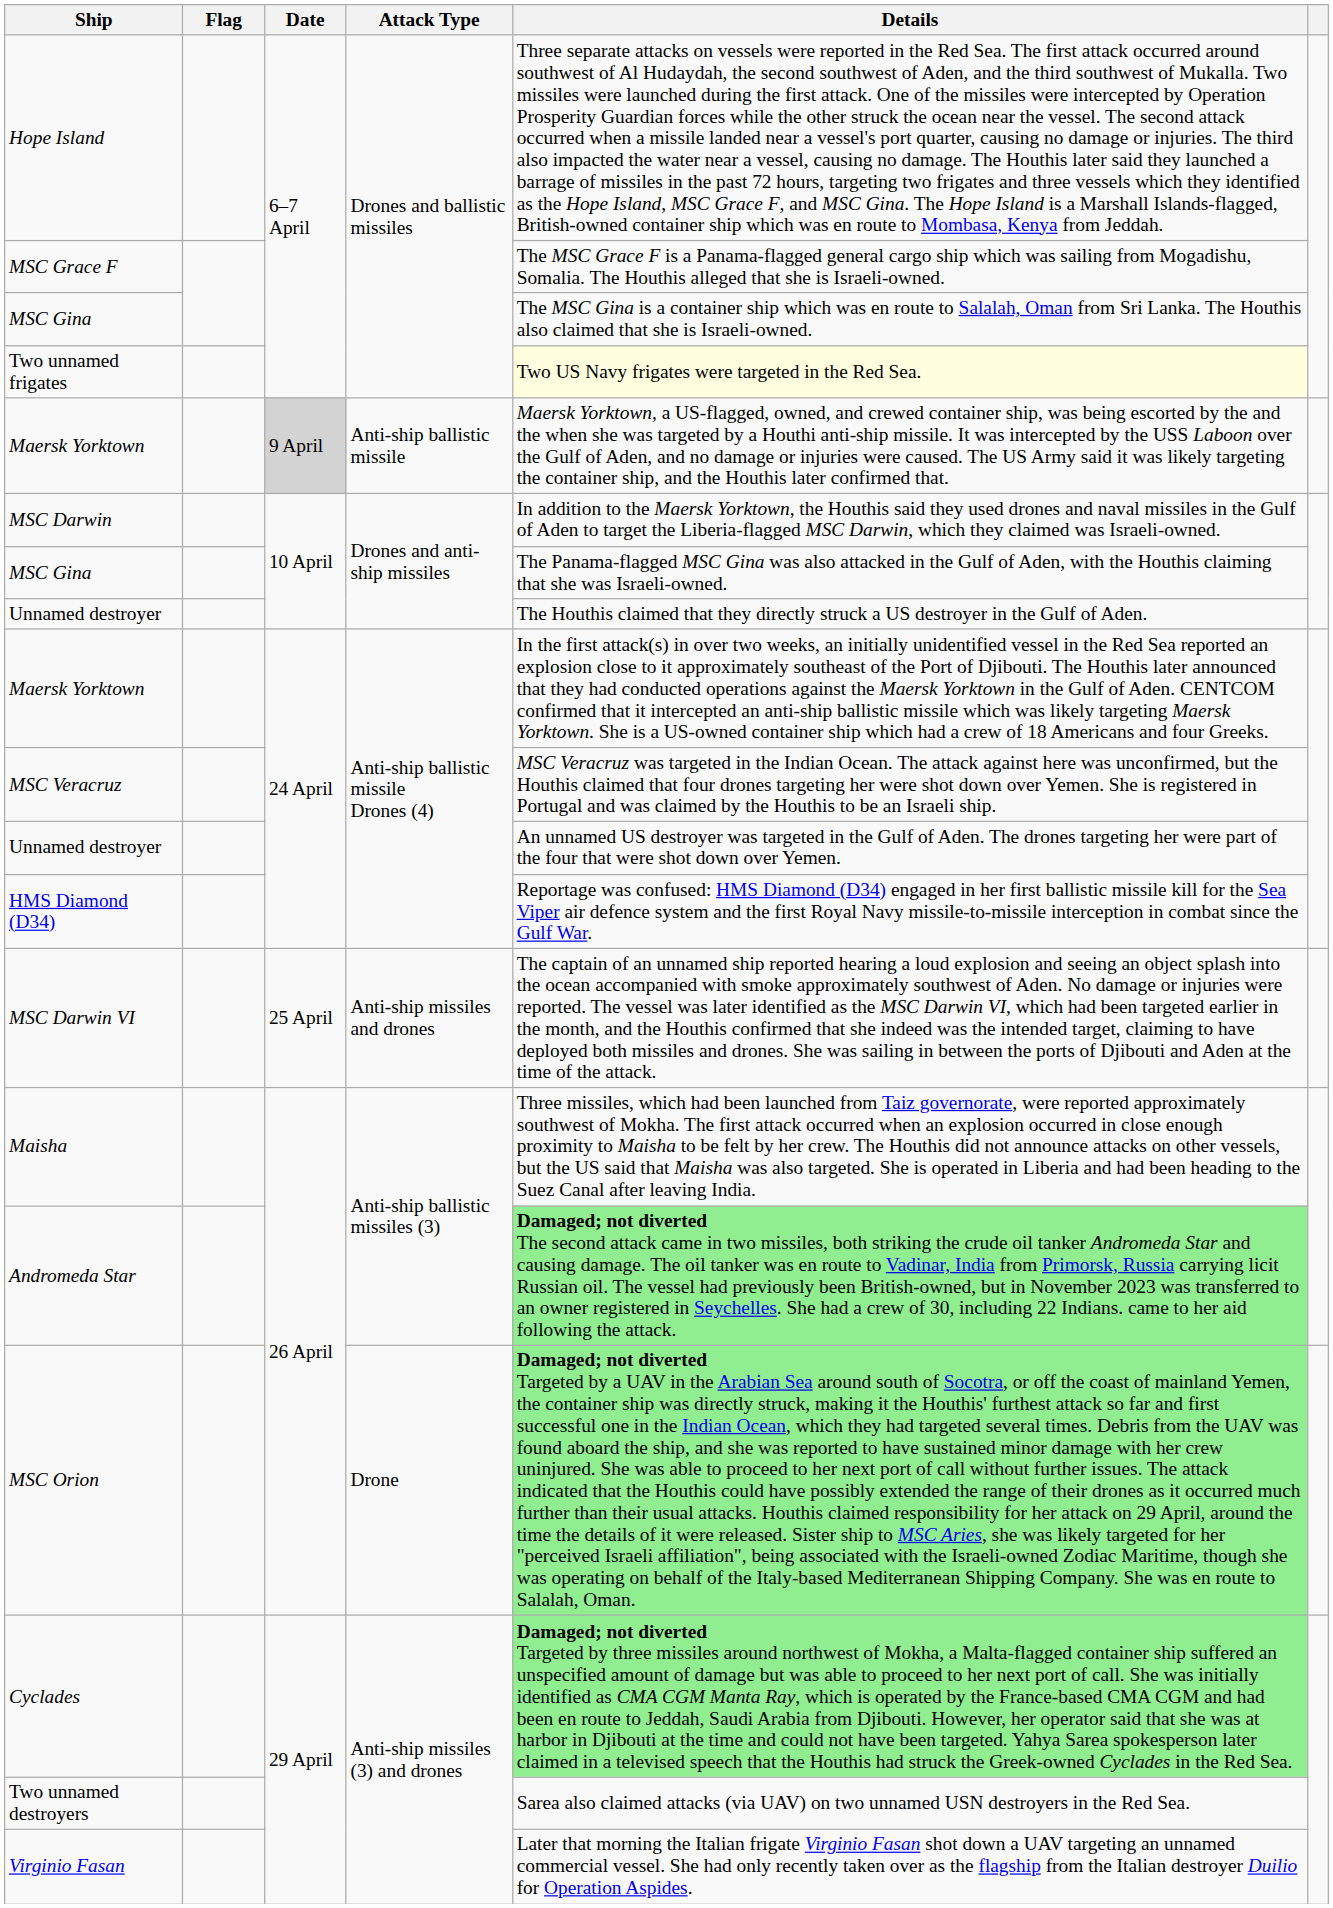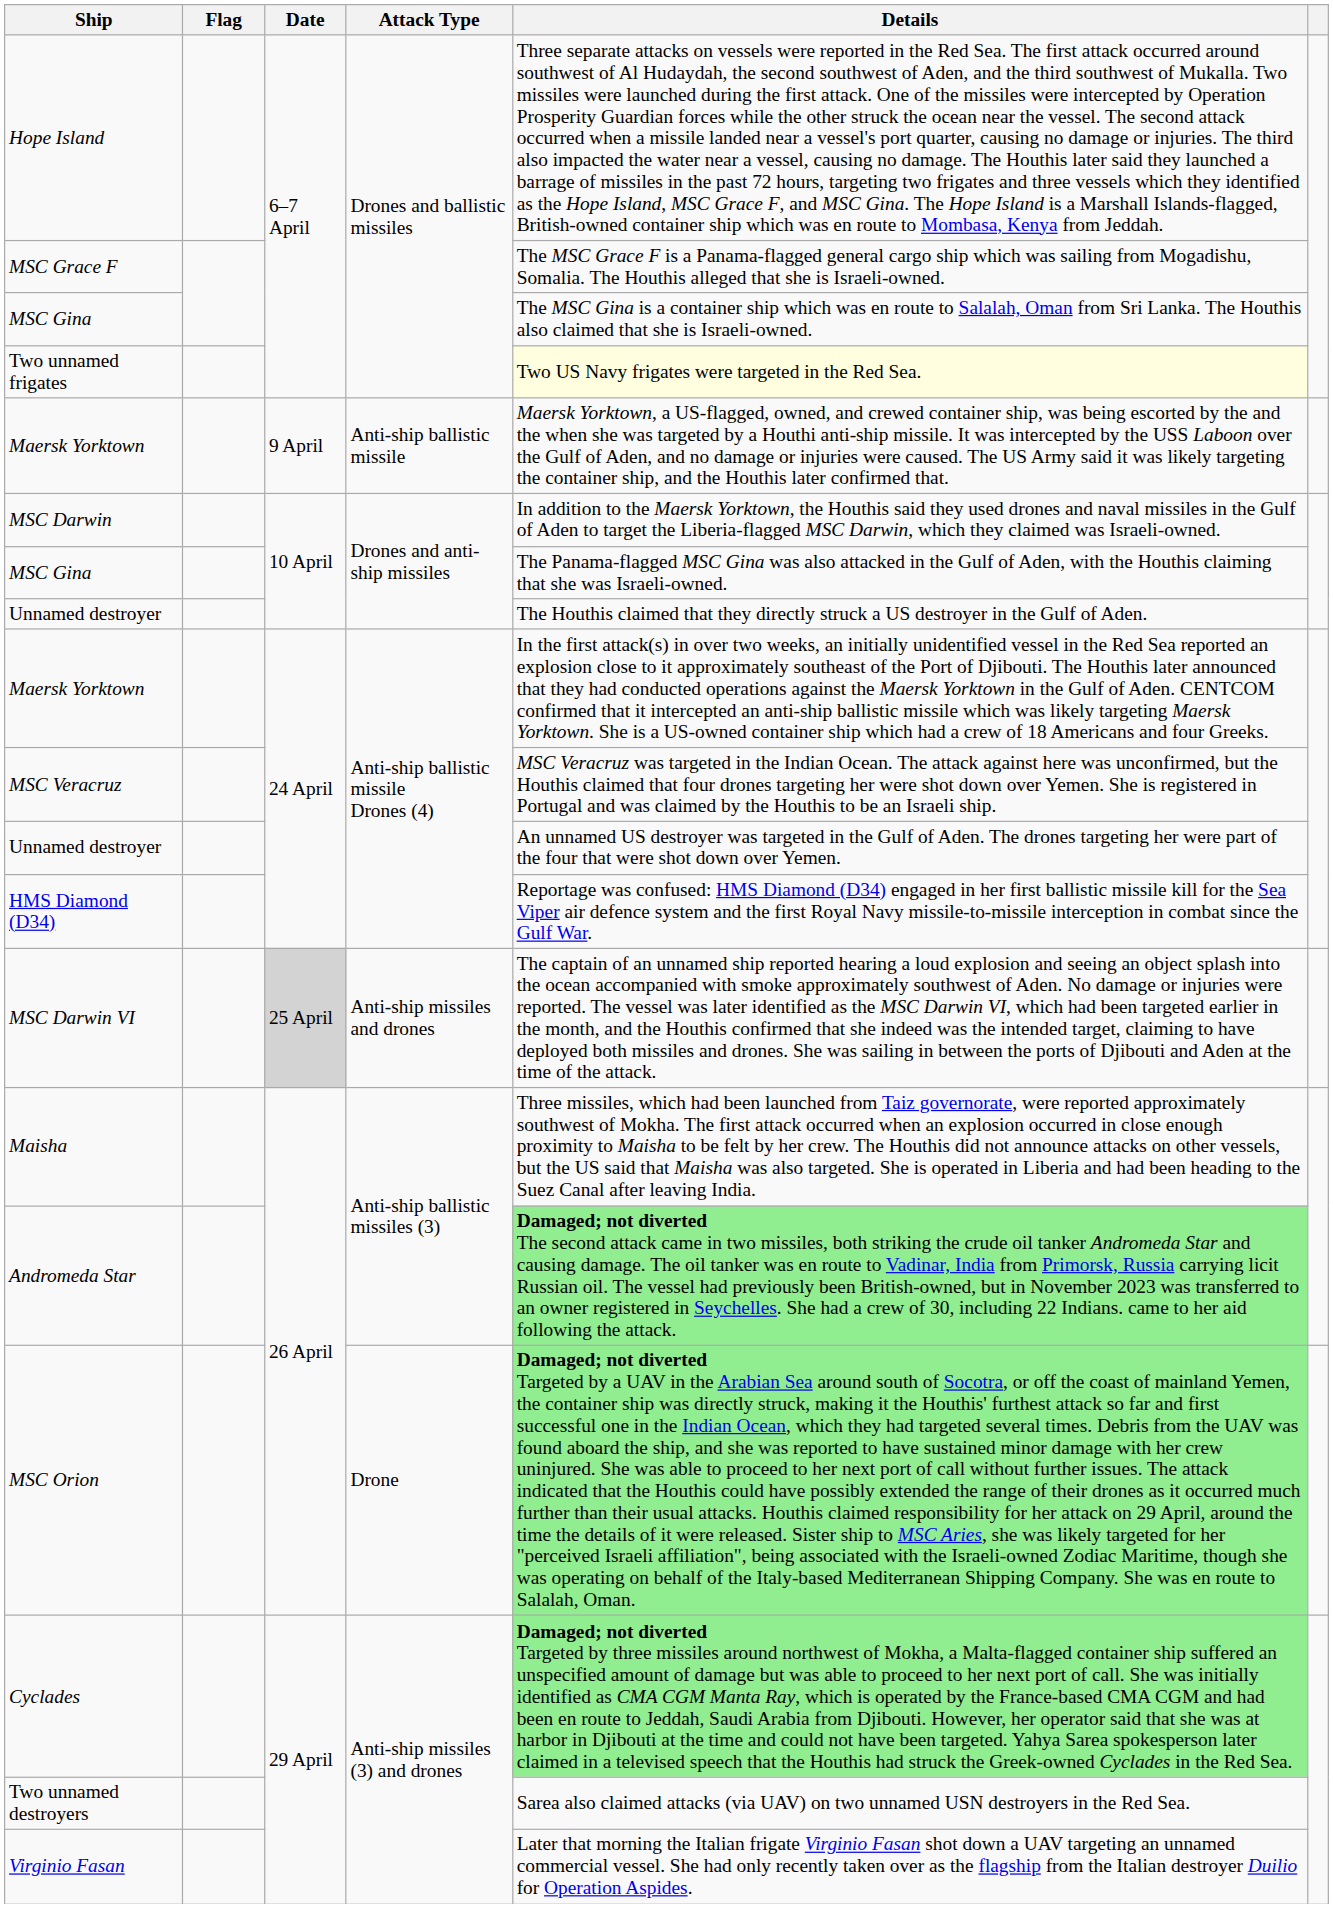 <table class="wikitable sortable sticky-header" style="text-align:left;">
 <tr>
 <th width="140px">Ship</th>
 <th width="60px">Flag</th>
 <th width="60px">Date</th>
 <th width="130px">Attack Type</th>
 <th width="650px">Details</th>
 <th width="10px" class="unsortable"></th>
 </tr>
 <tr>
 <td><em>Hope Island</em></td>
 <td></td>
 <td rowspan="4">6–7 April</td>
 <td rowspan="4">Drones and ballistic missiles</td>
 <td>Three separate attacks on vessels were reported in the Red Sea. The first attack occurred around  southwest of Al Hudaydah, the second  southwest of Aden, and the third  southwest of Mukalla. Two missiles were launched during the first attack. One of the missiles were intercepted by Operation Prosperity Guardian forces while the other struck the ocean near the vessel. The second attack occurred when a missile landed near a vessel's port quarter, causing no damage or injuries. The third also impacted the water near a vessel, causing no damage. The Houthis later said they launched a barrage of missiles in the past 72 hours, targeting two frigates and three vessels which they identified as the <em>Hope Island</em>, <em>MSC Grace F</em>, and <em>MSC Gina</em>. The <em>Hope Island</em> is a Marshall Islands-flagged, British-owned container ship which was en route to <a href='#'>Mombasa, Kenya</a> from Jeddah.</td>
 <td rowspan="4"></td>
 </tr>
 <tr>
 <td><em>MSC Grace F</em></td>
 <td rowspan="2"></td>
 <td>The <em>MSC Grace F</em> is a Panama-flagged general cargo ship which was sailing from Mogadishu, Somalia. The Houthis alleged that she is Israeli-owned.</td>
 </tr>
 <tr>
 <td><em>MSC Gina</em></td>
 <td>The <em>MSC Gina</em> is a container ship which was en route to <a href='#'>Salalah, Oman</a> from Sri Lanka. The Houthis also claimed that she is Israeli-owned.</td>
 </tr>
 <tr>
 <td>Two unnamed frigates</td>
 <td></td>
 <td style="background: lightyellow;">Two US Navy frigates were targeted in the Red Sea.</td>
 </tr>
 <tr>
 <td><em>Maersk Yorktown</em></td>
 <td></td>
-<td style="background: lightgrey;">9 April</td>
+<td>9 April</td>
 <td>Anti-ship ballistic missile</td>
 <td><em>Maersk Yorktown</em>, a US-flagged, owned, and crewed container ship, was being escorted by the  and the  when she was targeted by a Houthi anti-ship missile. It was intercepted by the USS <em>Laboon</em> over the Gulf of Aden, and no damage or injuries were caused. The US Army said it was likely targeting the container ship, and the Houthis later confirmed that.</td>
 <td></td>
 </tr>
 <tr>
 <td><em>MSC Darwin</em></td>
 <td></td>
 <td rowspan="3">10 April</td>
 <td rowspan="3">Drones and anti-ship missiles</td>
 <td>In addition to the <em>Maersk Yorktown</em>, the Houthis said they used drones and naval missiles in the Gulf of Aden to target the Liberia-flagged <em>MSC Darwin</em>, which they claimed was Israeli-owned.</td>
 <td rowspan="3"></td>
 </tr>
 <tr>
 <td><em>MSC Gina</em></td>
 <td></td>
 <td>The Panama-flagged <em>MSC Gina</em> was also attacked in the Gulf of Aden, with the Houthis claiming that she was Israeli-owned.</td>
 </tr>
 <tr>
 <td>Unnamed destroyer</td>
 <td></td>
 <td>The Houthis claimed that they directly struck a US destroyer in the Gulf of Aden.</td>
 </tr>
 <tr>
 <td><em>Maersk Yorktown</em></td>
 <td></td>
 <td rowspan="4">24 April</td>
 <td rowspan="4">Anti-ship ballistic missile<br>Drones (4)</td>
 <td>In the first attack(s) in over two weeks, an initially unidentified vessel in the Red Sea reported an explosion close to it approximately  southeast of the Port of Djibouti. The Houthis later announced that they had conducted operations against the <em>Maersk Yorktown</em> in the Gulf of Aden. CENTCOM confirmed that it intercepted an anti-ship ballistic missile which was likely targeting <em>Maersk Yorktown</em>. She is a US-owned container ship which had a crew of 18 Americans and four Greeks.</td>
 <td rowspan="4"></td>
 </tr>
 <tr>
 <td><em>MSC Veracruz</em></td>
 <td></td>
 <td><em>MSC Veracruz</em> was targeted in the Indian Ocean. The attack against here was unconfirmed, but the Houthis claimed that four drones targeting her were shot down over Yemen. She is registered in Portugal and was claimed by the Houthis to be an Israeli ship.</td>
 </tr>
 <tr>
 <td>Unnamed destroyer</td>
 <td></td>
 <td>An unnamed US destroyer was targeted in the Gulf of Aden. The drones targeting her were part of the four that were shot down over Yemen.</td>
 </tr>
 <tr>
 <td><a href='#'>HMS Diamond (D34)</a></td>
 <td></td>
 <td>Reportage was confused: <a href='#'>HMS Diamond (D34)</a> engaged in her first ballistic missile kill for the <a href='#'>Sea Viper</a> air defence system and the first Royal Navy missile-to-missile interception in combat since the <a href='#'>Gulf War</a>.</td>
 </tr>
 <tr>
 <td><em>MSC Darwin VI</em></td>
 <td></td>
-<td>25 April</td>
+<td style="background: lightgrey;">25 April</td>
 <td>Anti-ship missiles and drones</td>
 <td>The captain of an unnamed ship reported hearing a loud explosion and seeing an object splash into the ocean accompanied with smoke approximately  southwest of Aden. No damage or injuries were reported. The vessel was later identified as the <em>MSC Darwin VI</em>, which had been targeted earlier in the month, and the Houthis confirmed that she indeed was the intended target, claiming to have deployed both missiles and drones. She was sailing in between the ports of Djibouti and Aden at the time of the attack.</td>
 <td></td>
 </tr>
 <tr>
 <td><em>Maisha</em></td>
 <td></td>
 <td rowspan = "3">26 April</td>
 <td rowspan="2">Anti-ship ballistic missiles (3)</td>
 <td>Three missiles, which had been launched from <a href='#'>Taiz governorate</a>, were reported approximately  southwest of Mokha. The first attack occurred when an explosion occurred in close enough proximity to <em>Maisha</em> to be felt by her crew. The Houthis did not announce attacks on other vessels, but the US said that <em>Maisha</em> was also targeted. She is operated in Liberia and had been heading to the Suez Canal after leaving India.</td>
 <td rowspan="2"></td>
 </tr>
 <tr>
 <td><em>Andromeda Star</em></td>
 <td></td>
 <td style="background:#90EE90"><strong>Damaged; not diverted</strong><br>The second attack came in two missiles, both striking the crude oil tanker <em>Andromeda Star</em> and causing damage. The oil tanker was en route to <a href='#'>Vadinar, India</a> from <a href='#'>Primorsk, Russia</a> carrying licit Russian oil. The vessel had previously been British-owned, but in November 2023 was transferred to an owner registered in <a href='#'>Seychelles</a>. She had a crew of 30, including 22 Indians.  came to her aid following the attack.</td>
 </tr>
 <tr>
 <td><em>MSC Orion</em></td>
 <td></td>
 <td>Drone</td>
 <td style="background:#90EE90"><strong>Damaged; not diverted</strong><br>Targeted by a UAV in the <a href='#'>Arabian Sea</a> around  south of <a href='#'>Socotra</a>, or  off the coast of mainland Yemen, the container ship was directly struck, making it the Houthis' furthest attack so far and first successful one in the <a href='#'>Indian Ocean</a>, which they had targeted several times. Debris from the UAV was found aboard the ship, and she was reported to have sustained minor damage with her crew uninjured. She was able to proceed to her next port of call without further issues. The attack indicated that the Houthis could have possibly extended the range of their drones as it occurred much further than their usual attacks. Houthis claimed responsibility for her attack on 29 April, around the time the details of it were released. Sister ship to <em><a href='#'>MSC Aries</a></em>, she was likely targeted for her "perceived Israeli affiliation", being associated with the Israeli-owned Zodiac Maritime, though she was operating on behalf of the Italy-based Mediterranean Shipping Company. She was en route to Salalah, Oman.</td>
 <td></td>
 </tr>
 <tr>
 <td><em>Cyclades</em></td>
 <td></td>
 <td rowspan="3">29 April</td>
 <td rowspan="3">Anti-ship missiles (3) and drones</td>
 <td style="background:#90EE90"><strong>Damaged; not diverted</strong><br>Targeted by three missiles around  northwest of Mokha, a Malta-flagged container ship suffered an unspecified amount of damage but was able to proceed to her next port of call. She was initially identified as <em>CMA CGM Manta Ray</em>, which is operated by the France-based CMA CGM and had been en route to Jeddah, Saudi Arabia from Djibouti. However, her operator said that she was at harbor in Djibouti at the time and could not have been targeted. Yahya Sarea spokesperson later claimed in a televised speech that the Houthis had struck the Greek-owned <em>Cyclades</em> in the Red Sea.</td>
 <td rowspan="3"></td>
 </tr>
 <tr>
 <td>Two unnamed destroyers</td>
 <td></td>
 <td>Sarea also claimed attacks (via UAV) on two unnamed USN destroyers in the Red Sea.</td>
 </tr>
 <tr>
 <td><a href='#'><em>Virginio Fasan</em></a></td>
 <td></td>
 <td>Later that morning the Italian frigate <a href='#'><em>Virginio Fasan</em></a> shot down a UAV targeting an unnamed commercial vessel. She had only recently taken over as the <a href='#'>flagship</a> from the Italian destroyer <a href='#'><em>Duilio</em></a> for <a href='#'>Operation Aspides</a>.</td>
 </tr>
 </table>
